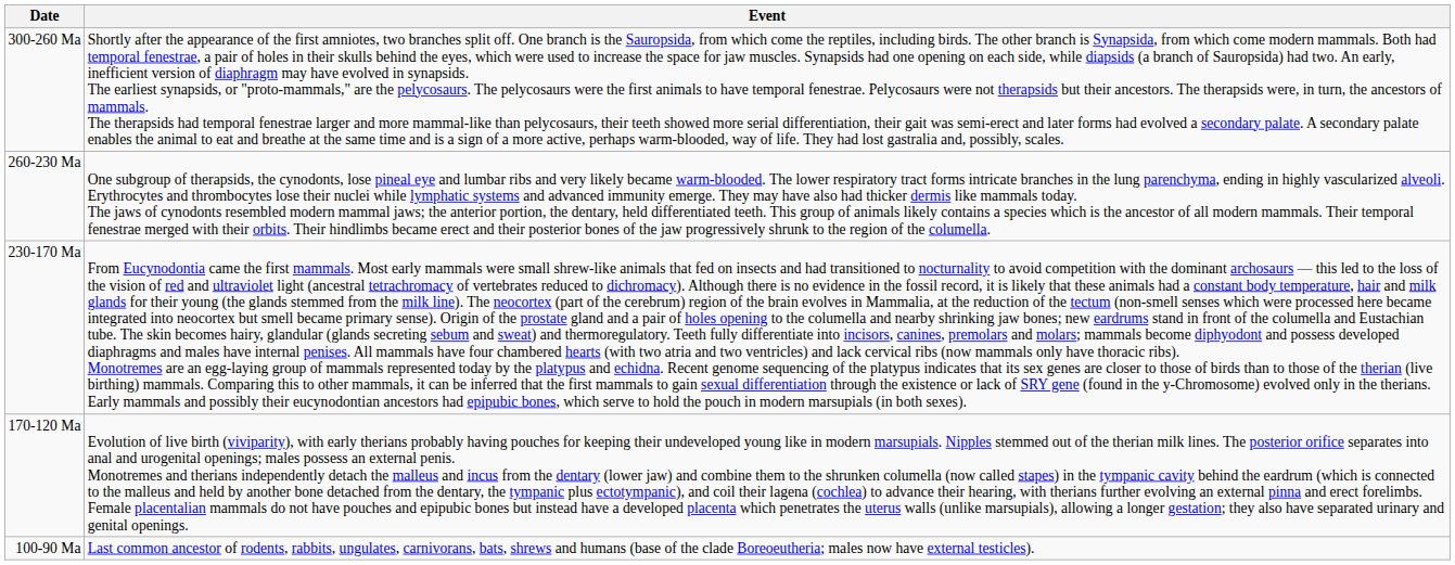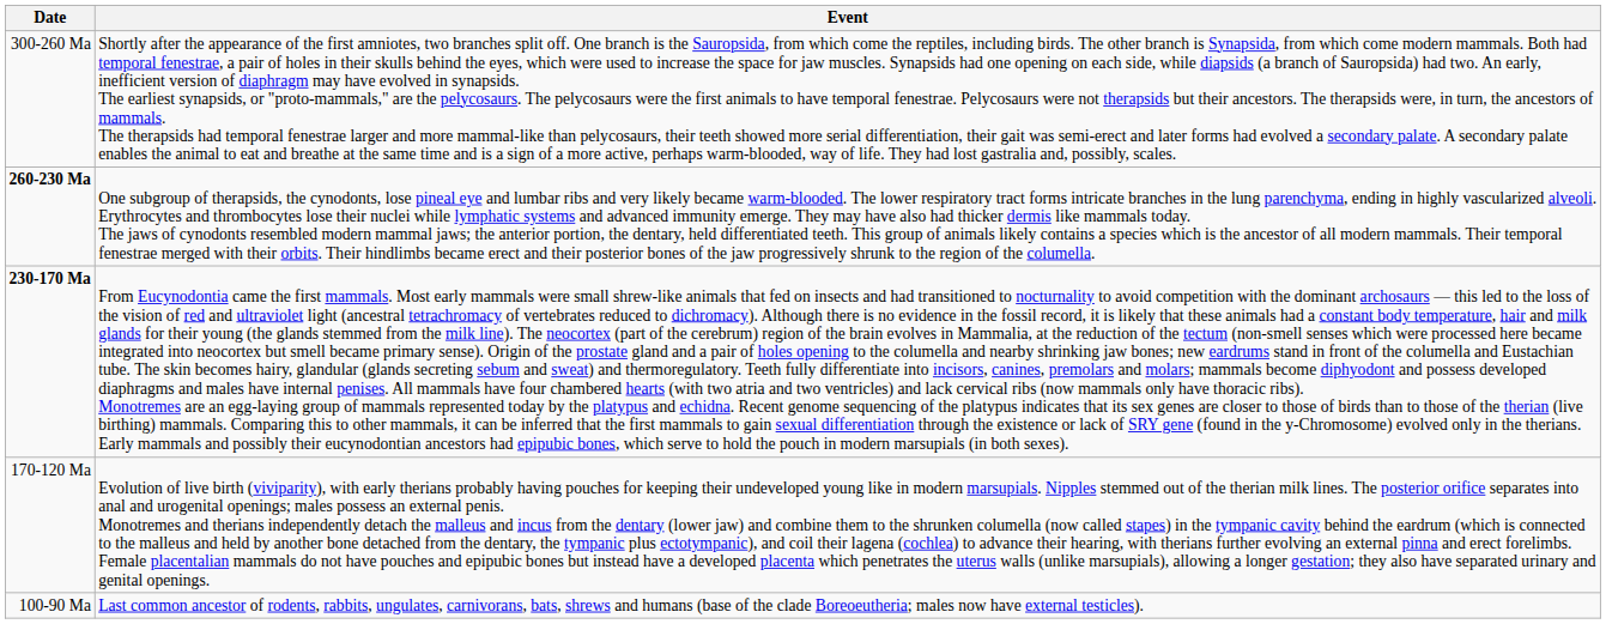 <table class="wikitable">
 <tr>
 <th scope="col">Date</th>
 <th scope="col">Event</th>
 </tr>
 <tr>
 <td style="vertical-align: top; text-align: right; white-space: nowrap;">300-260 Ma</td>
 <td>Shortly after the appearance of the first amniotes, two branches split off. One branch is the <a href='#'>Sauropsida</a>, from which come the reptiles, including birds. The other branch is <a href='#'>Synapsida</a>, from which come modern mammals.  Both had <a href='#'>temporal fenestrae</a>, a pair of holes in their skulls behind the eyes, which were used to increase the space for jaw muscles. Synapsids had one opening on each side, while <a href='#'>diapsids</a> (a branch of Sauropsida) had two. An early, inefficient version of <a href='#'>diaphragm</a> may have evolved in synapsids.<br>The earliest synapsids, or "proto-mammals," are the <a href='#'>pelycosaurs</a>. The pelycosaurs were the first animals to have temporal fenestrae. Pelycosaurs were not <a href='#'>therapsids</a> but their ancestors. The therapsids were, in turn, the ancestors of <a href='#'>mammals</a>.<br>The therapsids had temporal fenestrae larger and more mammal-like than pelycosaurs, their teeth showed more serial differentiation, their gait was semi-erect and later forms had evolved a <a href='#'>secondary palate</a>. A secondary palate enables the animal to eat and breathe at the same time and is a sign of a more active, perhaps warm-blooded, way of life. They had lost gastralia and, possibly, scales.</td>
 </tr>
 <tr>
-<td style="vertical-align: top; text-align: right; white-space: nowrap;">260-230 Ma</td>
+<td style="vertical-align: top; text-align: right; white-space: nowrap;"><strong>260-230 Ma</strong></td>
 <td><br>One subgroup of therapsids, the cynodonts, lose <a href='#'>pineal eye</a> and lumbar ribs and very likely became <a href='#'>warm-blooded</a>. The lower respiratory tract forms intricate branches in the lung <a href='#'>parenchyma</a>, ending in highly vascularized <a href='#'>alveoli</a>. Erythrocytes and thrombocytes lose their nuclei while <a href='#'>lymphatic systems</a> and advanced immunity emerge. They may have also had thicker <a href='#'>dermis</a> like mammals today.<br>The jaws of cynodonts resembled modern mammal jaws; the anterior portion, the dentary, held differentiated teeth. This group of animals likely contains a species which is the ancestor of all modern mammals. Their temporal fenestrae merged with their <a href='#'>orbits</a>. Their hindlimbs became erect and their posterior bones of the jaw progressively shrunk to the region of the <a href='#'>columella</a>.</td>
 </tr>
 <tr>
-<td style="vertical-align: top; text-align: right; white-space: nowrap;">230-170 Ma</td>
+<td style="vertical-align: top; text-align: right; white-space: nowrap;"><strong>230-170 Ma</strong></td>
 <td><br>From <a href='#'>Eucynodontia</a> came the first <a href='#'>mammals</a>. Most early mammals were small shrew-like animals that fed on insects and had transitioned to <a href='#'>nocturnality</a> to avoid competition with the dominant <a href='#'>archosaurs</a> — this led to the loss of the vision of <a href='#'>red</a> and <a href='#'>ultraviolet</a> light (ancestral <a href='#'>tetrachromacy</a> of vertebrates reduced to <a href='#'>dichromacy</a>). Although there is no evidence in the fossil record, it is likely that these animals had a <a href='#'>constant body temperature</a>, <a href='#'>hair</a> and <a href='#'>milk</a> <a href='#'>glands</a> for their young (the glands stemmed from the <a href='#'>milk line</a>). The <a href='#'>neocortex</a> (part of the cerebrum) region of the brain evolves in Mammalia, at the reduction of the <a href='#'>tectum</a> (non-smell senses which were processed here became integrated into neocortex but smell became primary sense). Origin of the <a href='#'>prostate</a> gland and a pair of <a href='#'>holes opening</a> to the columella and nearby shrinking jaw bones; new <a href='#'>eardrums</a> stand in front of the columella and Eustachian tube. The skin becomes hairy, glandular (glands secreting <a href='#'>sebum</a> and <a href='#'>sweat</a>) and thermoregulatory. Teeth fully differentiate into <a href='#'>incisors</a>, <a href='#'>canines</a>, <a href='#'>premolars</a> and <a href='#'>molars</a>; mammals become <a href='#'>diphyodont</a> and possess developed diaphragms and males have internal <a href='#'>penises</a>. All mammals have four chambered <a href='#'>hearts</a> (with two atria and two ventricles) and lack cervical ribs (now mammals only have thoracic ribs).<br><a href='#'>Monotremes</a> are an egg-laying group of mammals represented today by the <a href='#'>platypus</a> and <a href='#'>echidna</a>.  Recent genome sequencing of the platypus indicates that its sex genes are closer to those of birds than to those of the <a href='#'>therian</a> (live birthing) mammals. Comparing this to other mammals, it can be inferred that the first mammals to gain <a href='#'>sexual differentiation</a> through the existence or lack of <a href='#'>SRY gene</a> (found in the y-Chromosome) evolved only in the therians. Early mammals and possibly their eucynodontian ancestors had <a href='#'>epipubic bones</a>, which serve to hold the pouch in modern marsupials (in both sexes).</td>
 </tr>
 <tr>
 <td style="vertical-align: top; text-align: right; white-space: nowrap;">170-120 Ma</td>
 <td><br>Evolution of live birth (<a href='#'>viviparity</a>), with early therians probably having pouches for keeping their undeveloped young like in modern <a href='#'>marsupials</a>. <a href='#'>Nipples</a> stemmed out of the therian milk lines. The <a href='#'>posterior orifice</a> separates into anal and urogenital openings; males possess an external penis.<br>Monotremes and therians independently detach the <a href='#'>malleus</a> and <a href='#'>incus</a> from the <a href='#'>dentary</a> (lower jaw) and combine them to the shrunken columella (now called <a href='#'>stapes</a>) in the <a href='#'>tympanic cavity</a> behind the eardrum (which is connected to the malleus and held by another bone detached from the dentary, the <a href='#'>tympanic</a> plus <a href='#'>ectotympanic</a>), and coil their lagena (<a href='#'>cochlea</a>) to advance their hearing, with therians further evolving an external <a href='#'>pinna</a> and erect forelimbs. Female <a href='#'>placentalian</a> mammals do not have pouches and epipubic bones but instead have a developed <a href='#'>placenta</a> which penetrates the <a href='#'>uterus</a> walls (unlike marsupials), allowing a longer <a href='#'>gestation</a>; they also have separated urinary and genital openings.</td>
 </tr>
 <tr>
 <td style="vertical-align: top; text-align: right; white-space: nowrap;">100-90 Ma</td>
 <td><a href='#'>Last common ancestor</a> of <a href='#'>rodents</a>, <a href='#'>rabbits</a>, <a href='#'>ungulates</a>, <a href='#'>carnivorans</a>, <a href='#'>bats</a>, <a href='#'>shrews</a> and humans (base of the clade <a href='#'>Boreoeutheria</a>; males now have <a href='#'>external testicles</a>).</td>
 </tr>
 </table>
